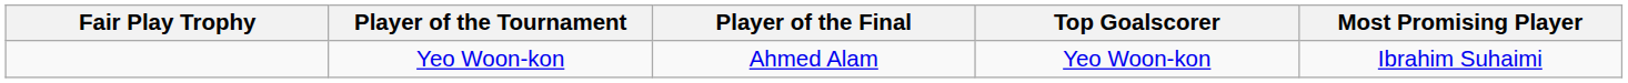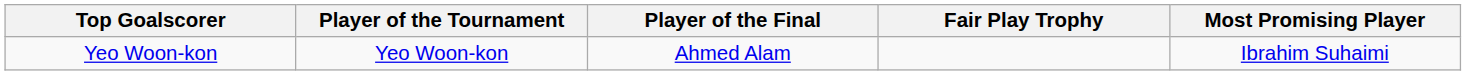 <table class=wikitable style="margin:auto; text-align:center">
 <tr>
-<th style="width: 220px;">Fair Play Trophy</th>
+<th style="width: 220px;">Top Goalscorer</th>
 <th style="width: 220px;">Player of the Tournament</th>
 <th style="width: 220px;">Player of the Final</th>
-<th style="width: 220px;">Top Goalscorer</th>
+<th style="width: 220px;">Fair Play Trophy</th>
 <th style="width: 220px;">Most Promising Player</th>
 </tr>
 <tr>
-<td></td>
+<td> <a href='#'>Yeo Woon-kon</a></td>
 <td> <a href='#'>Yeo Woon-kon</a></td>
 <td> <a href='#'>Ahmed Alam</a></td>
-<td> <a href='#'>Yeo Woon-kon</a></td>
+<td></td>
 <td> <a href='#'>Ibrahim Suhaimi</a></td>
 </tr>
 </table>
